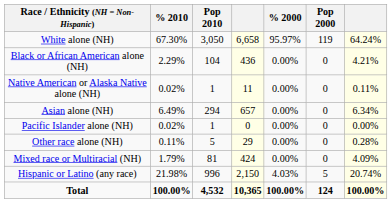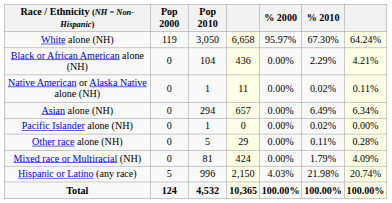 <table class="wikitable" style="text-align:center;">
 <tr>
 <th>Race / Ethnicity <small>(<em>NH = Non-Hispanic</em>)</small></th>
-<th>% 2010</th>
+<th>Pop 2000</th>
 <th>Pop 2010</th>
 <th></th>
 <th>% 2000</th>
-<th>Pop 2000</th>
+<th>% 2010</th>
 <th></th>
 </tr>
 <tr>
 <td><a href='#'>White</a> alone (NH)</td>
-<td>67.30%</td>
+<td>119</td>
 <td>3,050</td>
 <td style='background: #ffffe6;'>6,658</td>
 <td>95.97%</td>
-<td>119</td>
+<td>67.30%</td>
 <td style='background: #ffffe6;'>64.24%</td>
 </tr>
 <tr>
 <td><a href='#'>Black or African American</a> alone (NH)</td>
-<td>2.29%</td>
+<td>0</td>
 <td>104</td>
 <td style='background: #ffffe6;'>436</td>
 <td>0.00%</td>
-<td>0</td>
+<td>2.29%</td>
 <td style='background: #ffffe6;'>4.21%</td>
 </tr>
 <tr>
 <td><a href='#'>Native American</a> or <a href='#'>Alaska Native</a> alone (NH)</td>
-<td>0.02%</td>
+<td>0</td>
 <td>1</td>
 <td style='background: #ffffe6;'>11</td>
 <td>0.00%</td>
-<td>0</td>
+<td>0.02%</td>
 <td style='background: #ffffe6;'>0.11%</td>
 </tr>
 <tr>
 <td><a href='#'>Asian</a> alone (NH)</td>
-<td>6.49%</td>
+<td>0</td>
 <td>294</td>
 <td style='background: #ffffe6;'>657</td>
 <td>0.00%</td>
-<td>0</td>
+<td>6.49%</td>
 <td style='background: #ffffe6;'>6.34%</td>
 </tr>
 <tr>
 <td><a href='#'>Pacific Islander</a> alone (NH)</td>
-<td>0.02%</td>
+<td>0</td>
 <td>1</td>
 <td style='background: #ffffe6;'>0</td>
 <td>0.00%</td>
-<td>0</td>
+<td>0.02%</td>
 <td style='background: #ffffe6;'>0.00%</td>
 </tr>
 <tr>
 <td><a href='#'>Other race</a> alone (NH)</td>
-<td>0.11%</td>
+<td>0</td>
 <td>5</td>
 <td style='background: #ffffe6;'>29</td>
 <td>0.00%</td>
-<td>0</td>
+<td>0.11%</td>
 <td style='background: #ffffe6;'>0.28%</td>
 </tr>
 <tr>
 <td><a href='#'>Mixed race or Multiracial</a> (NH)</td>
-<td>1.79%</td>
+<td>0</td>
 <td>81</td>
 <td style='background: #ffffe6;'>424</td>
 <td>0.00%</td>
-<td>0</td>
+<td>1.79%</td>
 <td style='background: #ffffe6;'>4.09%</td>
 </tr>
 <tr>
 <td><a href='#'>Hispanic or Latino</a> (any race)</td>
-<td>21.98%</td>
+<td>5</td>
 <td>996</td>
 <td style='background: #ffffe6;'>2,150</td>
 <td>4.03%</td>
-<td>5</td>
+<td>21.98%</td>
 <td style='background: #ffffe6;'>20.74%</td>
 </tr>
 <tr>
 <td><strong>Total</strong></td>
-<td><strong>100.00%</strong></td>
+<td><strong>124</strong></td>
 <td><strong>4,532</strong></td>
 <td style='background: #ffffe6;'><strong>10,365</strong></td>
 <td><strong>100.00%</strong></td>
-<td><strong>124</strong></td>
+<td><strong>100.00%</strong></td>
 <td style='background: #ffffe6;'><strong>100.00%</strong></td>
 </tr>
 </table>
